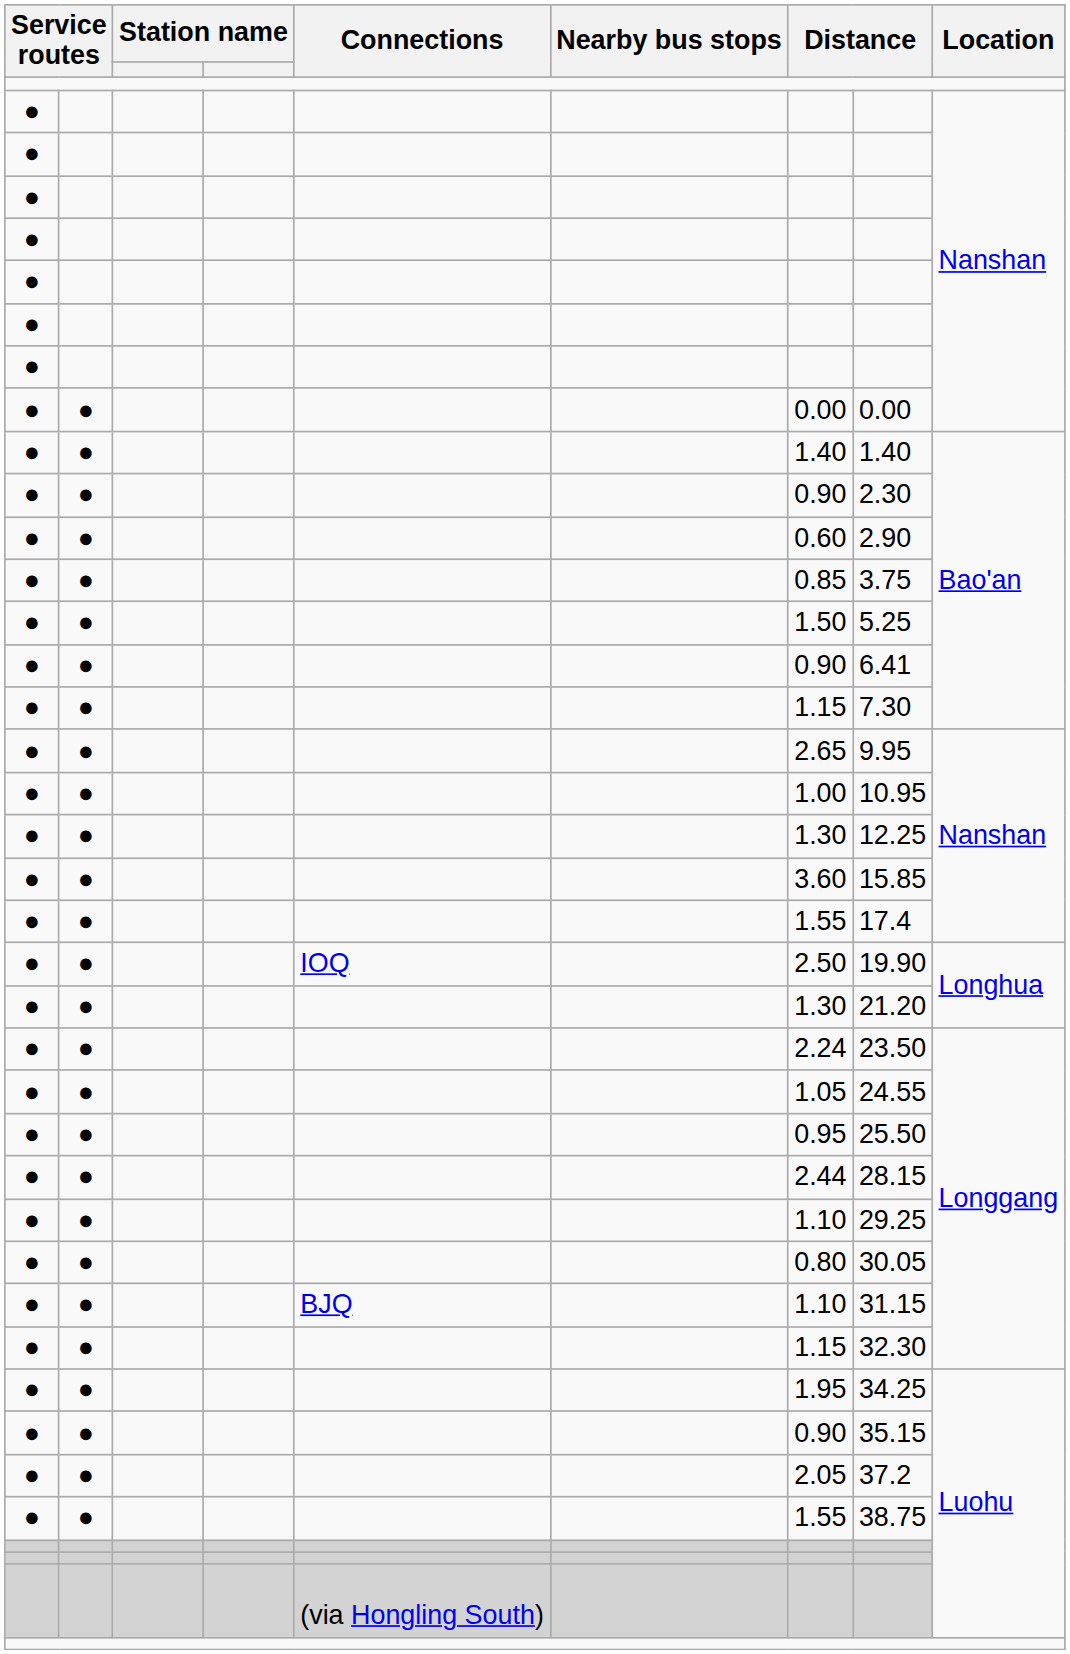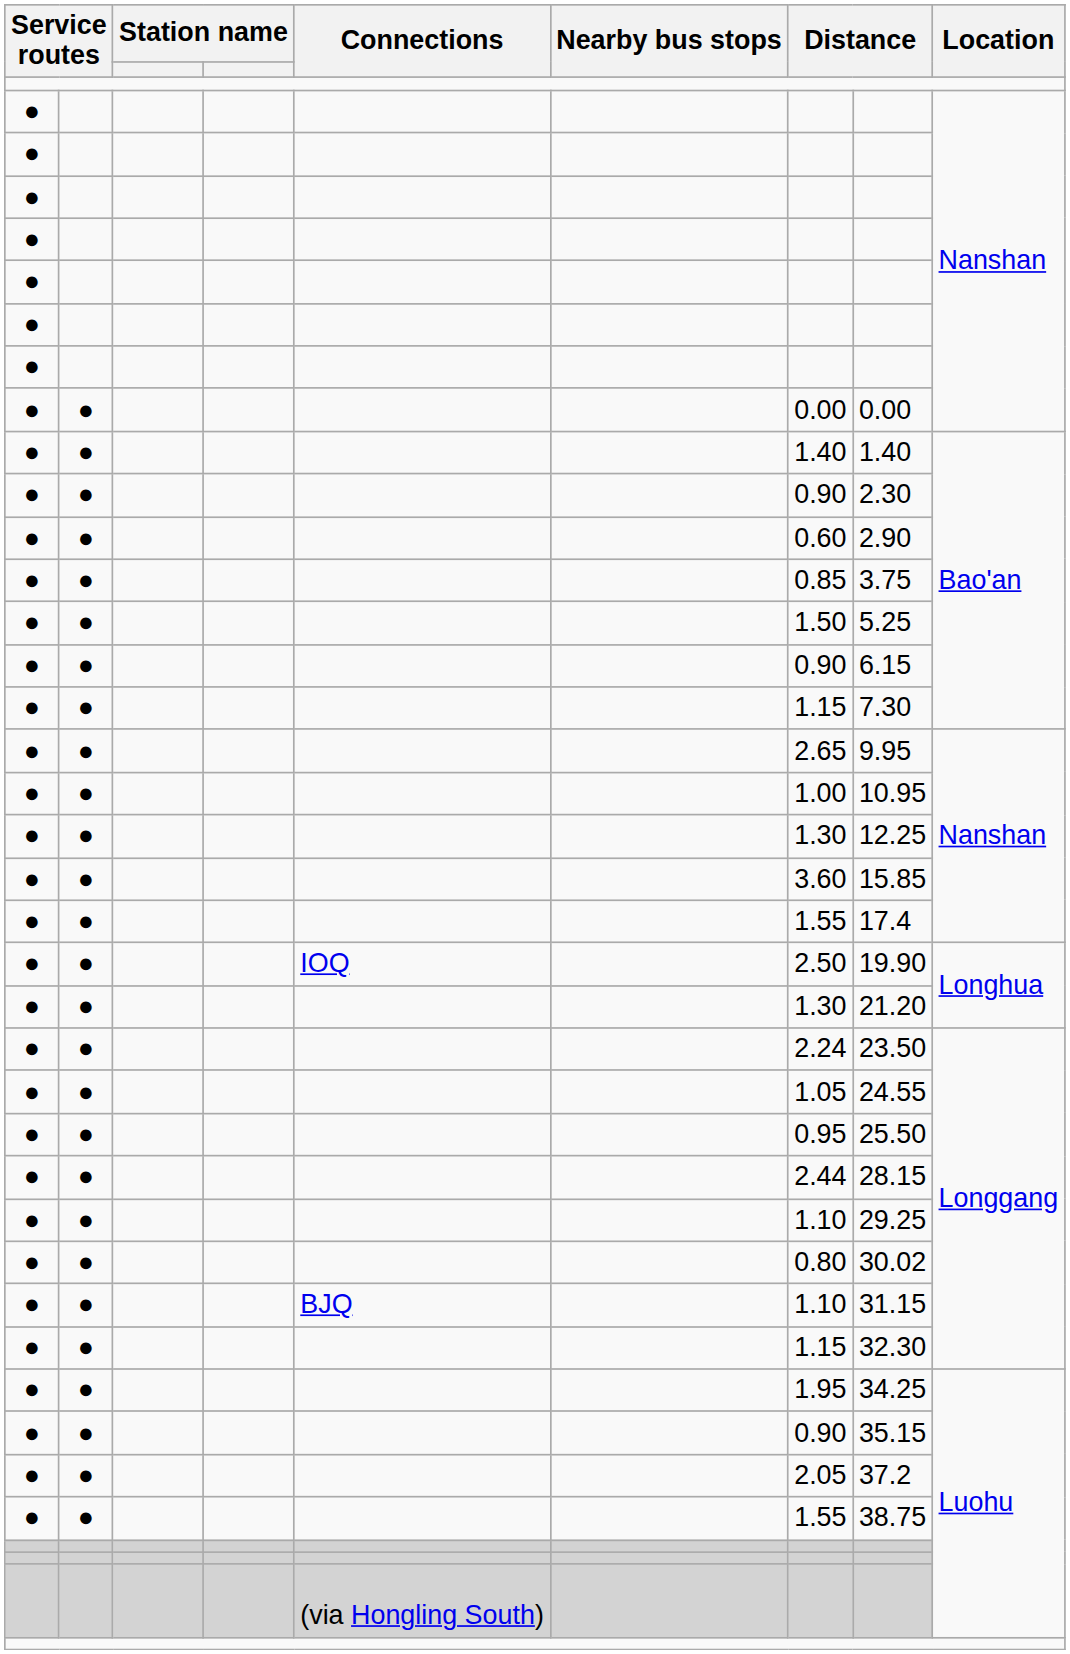 <table class="wikitable">
 <tr>
 <th rowspan="2" colspan="2">Service<br>routes</th>
 <th colspan="2">Station name</th>
 <th rowspan="2">Connections</th>
 <th rowspan="2">Nearby bus stops</th>
 <th colspan="2" rowspan="2">Distance<br></th>
 <th rowspan="2">Location</th>
 </tr>
 <tr>
 <th></th>
 <th></th>
 </tr>
 <tr style="background:#">
 <td colspan = "9"></td>
 </tr>
 <tr>
 <td align="center">●</td>
 <td align="center"></td>
 <td></td>
 <td></td>
 <td></td>
 <td></td>
 <td></td>
 <td></td>
 <td rowspan=8><a href='#'>Nanshan</a></td>
 </tr>
 <tr>
 <td align="center">●</td>
 <td align="center"></td>
 <td></td>
 <td></td>
 <td></td>
 <td></td>
 <td></td>
 <td></td>
 </tr>
 <tr>
 <td align="center">●</td>
 <td align="center"></td>
 <td></td>
 <td></td>
 <td></td>
 <td></td>
 <td></td>
 <td></td>
 </tr>
 <tr>
 <td align="center">●</td>
 <td align="center"></td>
 <td></td>
 <td></td>
 <td></td>
 <td></td>
 <td></td>
 <td></td>
 </tr>
 <tr>
 <td align="center">●</td>
 <td align="center"></td>
 <td></td>
 <td></td>
 <td></td>
 <td></td>
 <td></td>
 <td></td>
 </tr>
 <tr>
 <td align="center">●</td>
 <td align="center"></td>
 <td></td>
 <td></td>
 <td></td>
 <td></td>
 <td></td>
 <td></td>
 </tr>
 <tr>
 <td align="center">●</td>
 <td align="center"></td>
 <td></td>
 <td></td>
 <td></td>
 <td></td>
 <td></td>
 <td></td>
 </tr>
 <tr>
 <td align="center">●</td>
 <td align="center">●</td>
 <td></td>
 <td></td>
 <td> </td>
 <td></td>
 <td>0.00</td>
 <td>0.00</td>
 </tr>
 <tr>
 <td align="center">●</td>
 <td align="center">●</td>
 <td></td>
 <td></td>
 <td></td>
 <td></td>
 <td>1.40</td>
 <td>1.40</td>
 <td rowspan=7><a href='#'>Bao'an</a></td>
 </tr>
 <tr>
 <td align="center">●</td>
 <td align="center">●</td>
 <td></td>
 <td></td>
 <td></td>
 <td></td>
 <td>0.90</td>
 <td>2.30</td>
 </tr>
 <tr>
 <td align="center">●</td>
 <td align="center">●</td>
 <td></td>
 <td></td>
 <td></td>
 <td></td>
 <td>0.60</td>
 <td>2.90</td>
 </tr>
 <tr>
 <td align="center">●</td>
 <td align="center">●</td>
 <td></td>
 <td></td>
 <td></td>
 <td></td>
 <td>0.85</td>
 <td>3.75</td>
 </tr>
 <tr>
 <td align="center">●</td>
 <td align="center">●</td>
 <td></td>
 <td></td>
 <td></td>
 <td></td>
 <td>1.50</td>
 <td>5.25</td>
 </tr>
 <tr>
 <td align="center">●</td>
 <td align="center">●</td>
 <td></td>
 <td></td>
 <td></td>
 <td></td>
 <td>0.90</td>
-<td>6.41</td>
+<td>6.15</td>
 </tr>
 <tr>
 <td align="center">●</td>
 <td align="center">●</td>
 <td></td>
 <td></td>
 <td></td>
 <td></td>
 <td>1.15</td>
 <td>7.30</td>
 </tr>
 <tr>
 <td align="center">●</td>
 <td align="center">●</td>
 <td></td>
 <td></td>
 <td></td>
 <td></td>
 <td>2.65</td>
 <td>9.95</td>
 <td rowspan=5><a href='#'>Nanshan</a></td>
 </tr>
 <tr>
 <td align="center">●</td>
 <td align="center">●</td>
 <td></td>
 <td></td>
 <td></td>
 <td></td>
 <td>1.00</td>
 <td>10.95</td>
 </tr>
 <tr>
 <td align="center">●</td>
 <td align="center">●</td>
 <td></td>
 <td></td>
 <td></td>
 <td></td>
 <td>1.30</td>
 <td>12.25</td>
 </tr>
 <tr>
 <td align="center">●</td>
 <td align="center">●</td>
 <td></td>
 <td></td>
 <td></td>
 <td></td>
 <td>3.60</td>
 <td>15.85</td>
 </tr>
 <tr>
 <td align="center">●</td>
 <td align="center">●</td>
 <td></td>
 <td></td>
 <td></td>
 <td></td>
 <td>1.55</td>
 <td>17.4</td>
 </tr>
 <tr>
 <td align="center">●</td>
 <td align="center">●</td>
 <td></td>
 <td></td>
 <td>     <a href='#'>IOQ</a></td>
 <td></td>
 <td>2.50</td>
 <td>19.90</td>
 <td rowspan=2><a href='#'>Longhua</a></td>
 </tr>
 <tr>
 <td align="center">●</td>
 <td align="center">●</td>
 <td></td>
 <td></td>
 <td></td>
 <td></td>
 <td>1.30</td>
 <td>21.20</td>
 </tr>
 <tr>
 <td align="center">●</td>
 <td align="center">●</td>
 <td></td>
 <td></td>
 <td></td>
 <td></td>
 <td>2.24</td>
 <td>23.50</td>
 <td rowspan=8><a href='#'>Longgang</a></td>
 </tr>
 <tr>
 <td align="center">●</td>
 <td align="center">●</td>
 <td></td>
 <td></td>
 <td></td>
 <td></td>
 <td>1.05</td>
 <td>24.55</td>
 </tr>
 <tr>
 <td align="center">●</td>
 <td align="center">●</td>
 <td></td>
 <td></td>
 <td></td>
 <td></td>
 <td>0.95</td>
 <td>25.50</td>
 </tr>
 <tr>
 <td align="center">●</td>
 <td align="center">●</td>
 <td></td>
 <td></td>
 <td></td>
 <td></td>
 <td>2.44</td>
 <td>28.15</td>
 </tr>
 <tr>
 <td align="center">●</td>
 <td align="center">●</td>
 <td></td>
 <td></td>
 <td></td>
 <td></td>
 <td>1.10</td>
 <td>29.25</td>
 </tr>
 <tr>
 <td align="center">●</td>
 <td align="center">●</td>
 <td></td>
 <td></td>
 <td></td>
 <td></td>
 <td>0.80</td>
-<td>30.05</td>
+<td>30.02</td>
 </tr>
 <tr>
 <td align="center">●</td>
 <td align="center">●</td>
 <td></td>
 <td></td>
 <td>   <a href='#'>BJQ</a> </td>
 <td></td>
 <td>1.10</td>
 <td>31.15</td>
 </tr>
 <tr>
 <td align="center">●</td>
 <td align="center">●</td>
 <td></td>
 <td></td>
 <td></td>
 <td></td>
 <td>1.15</td>
 <td>32.30</td>
 </tr>
 <tr>
 <td align="center">●</td>
 <td align="center">●</td>
 <td></td>
 <td></td>
 <td></td>
 <td></td>
 <td>1.95</td>
 <td>34.25</td>
 <td rowspan=7><a href='#'>Luohu</a></td>
 </tr>
 <tr>
 <td align="center">●</td>
 <td align="center">●</td>
 <td></td>
 <td></td>
 <td></td>
 <td></td>
 <td>0.90</td>
 <td>35.15</td>
 </tr>
 <tr>
 <td align="center">●</td>
 <td align="center">●</td>
 <td></td>
 <td></td>
 <td></td>
 <td></td>
 <td>2.05</td>
 <td>37.2</td>
 </tr>
 <tr>
 <td align="center">●</td>
 <td align="center">●</td>
 <td></td>
 <td></td>
 <td></td>
 <td></td>
 <td>1.55</td>
 <td>38.75</td>
 </tr>
 <tr bgcolor="lightgrey">
 <td align="center"></td>
 <td align="center"></td>
 <td><em></em></td>
 <td></td>
 <td></td>
 <td></td>
 <td></td>
 <td></td>
 </tr>
 <tr bgcolor="lightgrey">
 <td align="center"></td>
 <td align="center"></td>
 <td><em></em></td>
 <td></td>
 <td></td>
 <td></td>
 <td></td>
 <td></td>
 </tr>
 <tr bgcolor="lightgrey">
 <td align="center"></td>
 <td align="center"></td>
 <td><em></em></td>
 <td></td>
 <td> <br>  (via <a href='#'>Hongling South</a>)</td>
 <td></td>
 <td></td>
 <td></td>
 </tr>
 <tr style="background:#">
 <td colspan = "9"></td>
 </tr>
 </table>
